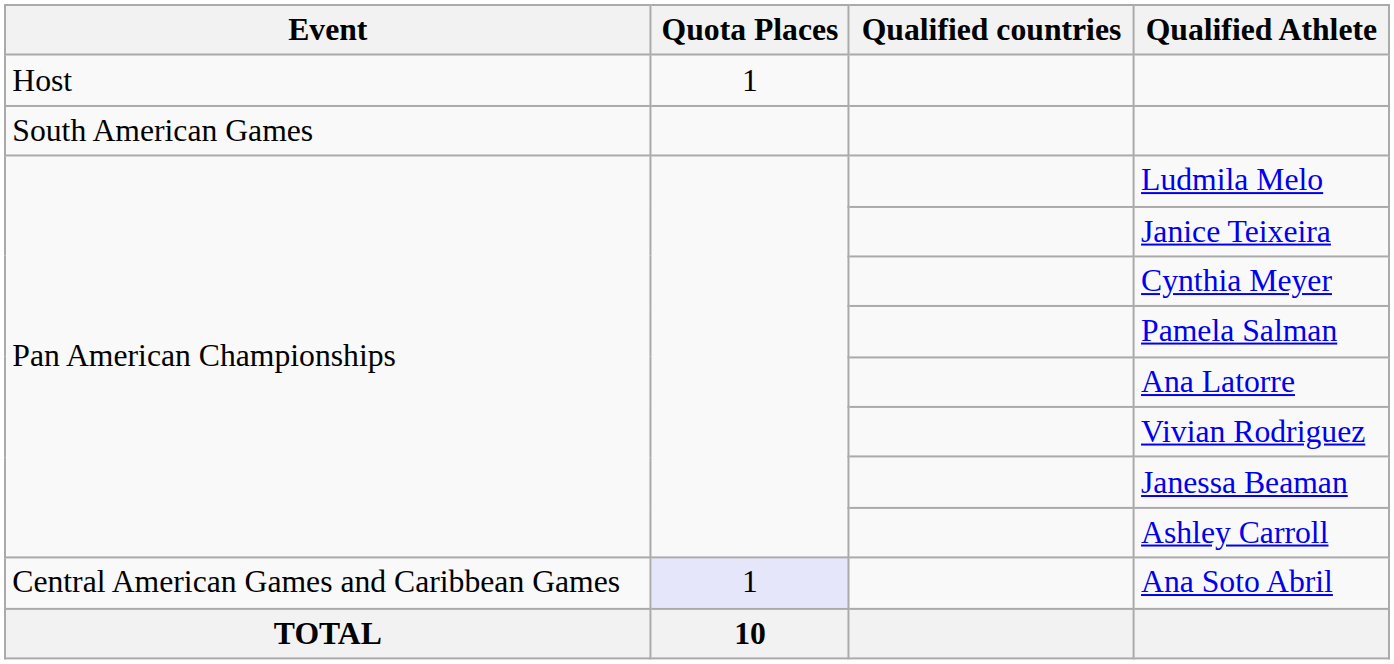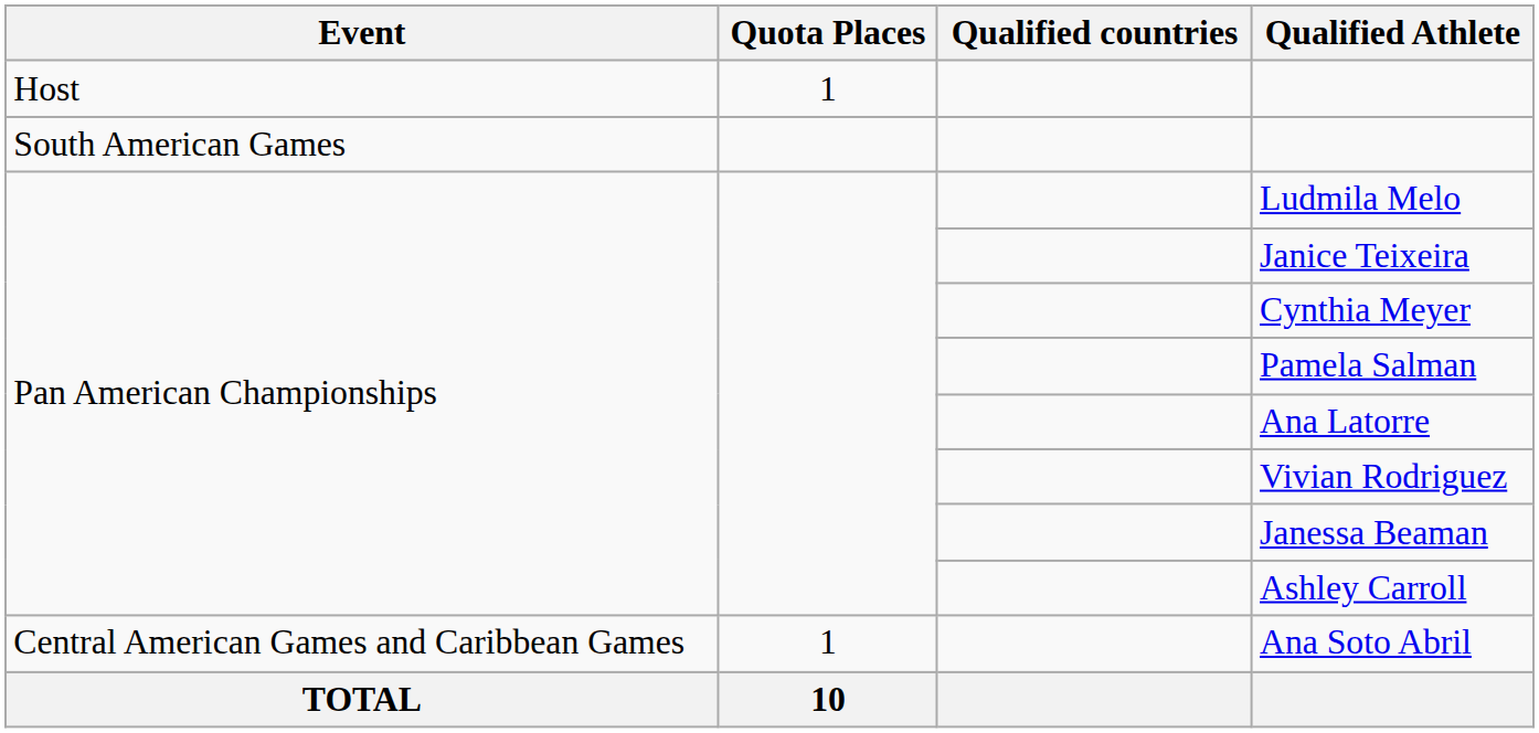 <table class=wikitable style="text-align:left" width=700>
 <tr>
 <th>Event</th>
 <th>Quota Places</th>
 <th>Qualified countries</th>
 <th>Qualified Athlete</th>
 </tr>
 <tr>
 <td>Host</td>
 <td align=center>1</td>
 <td></td>
 <td></td>
 </tr>
 <tr>
 <td>South American Games</td>
 <td align=center></td>
 <td></td>
 <td></td>
 </tr>
 <tr>
 <td rowspan="8">Pan American Championships</td>
 <td rowspan="8" align=center></td>
 <td></td>
 <td><a href='#'>Ludmila Melo</a></td>
 </tr>
 <tr>
 <td></td>
 <td><a href='#'>Janice Teixeira</a></td>
 </tr>
 <tr>
 <td></td>
 <td><a href='#'>Cynthia Meyer</a></td>
 </tr>
 <tr>
 <td></td>
 <td><a href='#'>Pamela Salman</a></td>
 </tr>
 <tr>
 <td></td>
 <td><a href='#'>Ana Latorre</a></td>
 </tr>
 <tr>
 <td></td>
 <td><a href='#'>Vivian Rodriguez</a></td>
 </tr>
 <tr>
 <td></td>
 <td><a href='#'>Janessa Beaman</a></td>
 </tr>
 <tr>
 <td></td>
 <td><a href='#'>Ashley Carroll</a></td>
 </tr>
 <tr>
 <td>Central American Games and Caribbean Games</td>
-<td align=center style="background: lavender;">1</td>
+<td align=center>1</td>
 <td></td>
 <td><a href='#'>Ana Soto Abril</a></td>
 </tr>
 <tr>
 <th>TOTAL</th>
 <th>10</th>
 <th></th>
 <th></th>
 </tr>
 </table>
